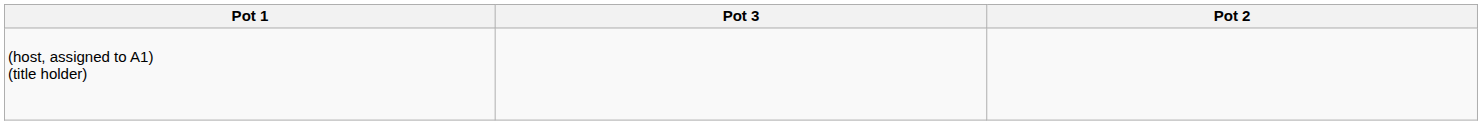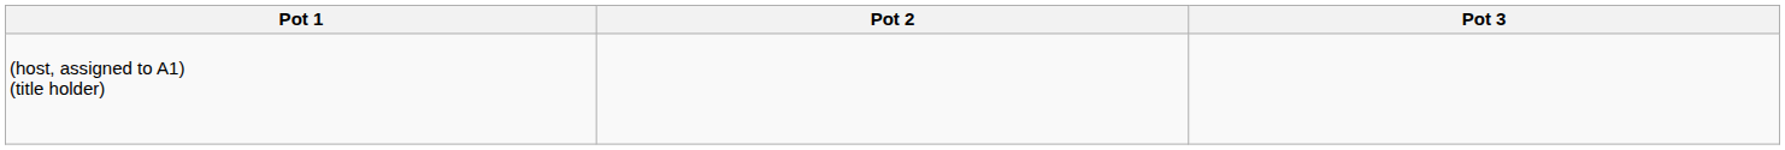 <table class="wikitable" width=99%>
 <tr>
 <th width=33%><strong>Pot 1</strong></th>
+<th width=33%><strong>Pot 2</strong></th>
 <th width=33%><strong>Pot 3</strong></th>
-<th width=33%><strong>Pot 2</strong></th>
 </tr>
 <tr>
 <td><br> (host, assigned to A1) <br>  (title holder) <br>   <br>  <br></td>
 <td><br> <br>  <br>   <br>  <br></td>
 <td><br> <br>  <br>   <br>  <br></td>
 </tr>
 </table>
